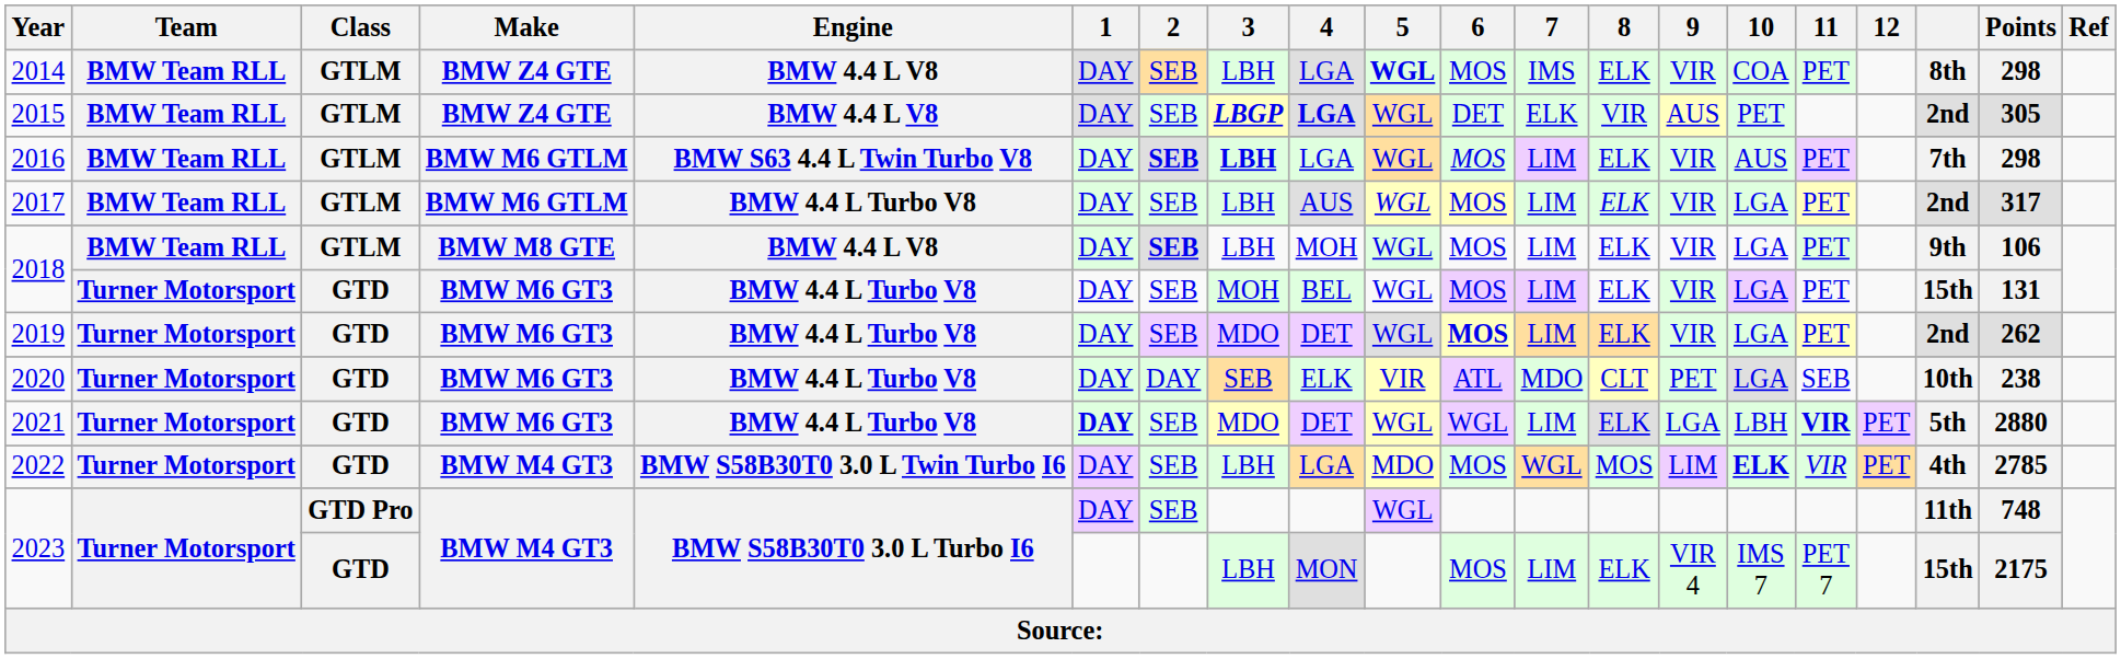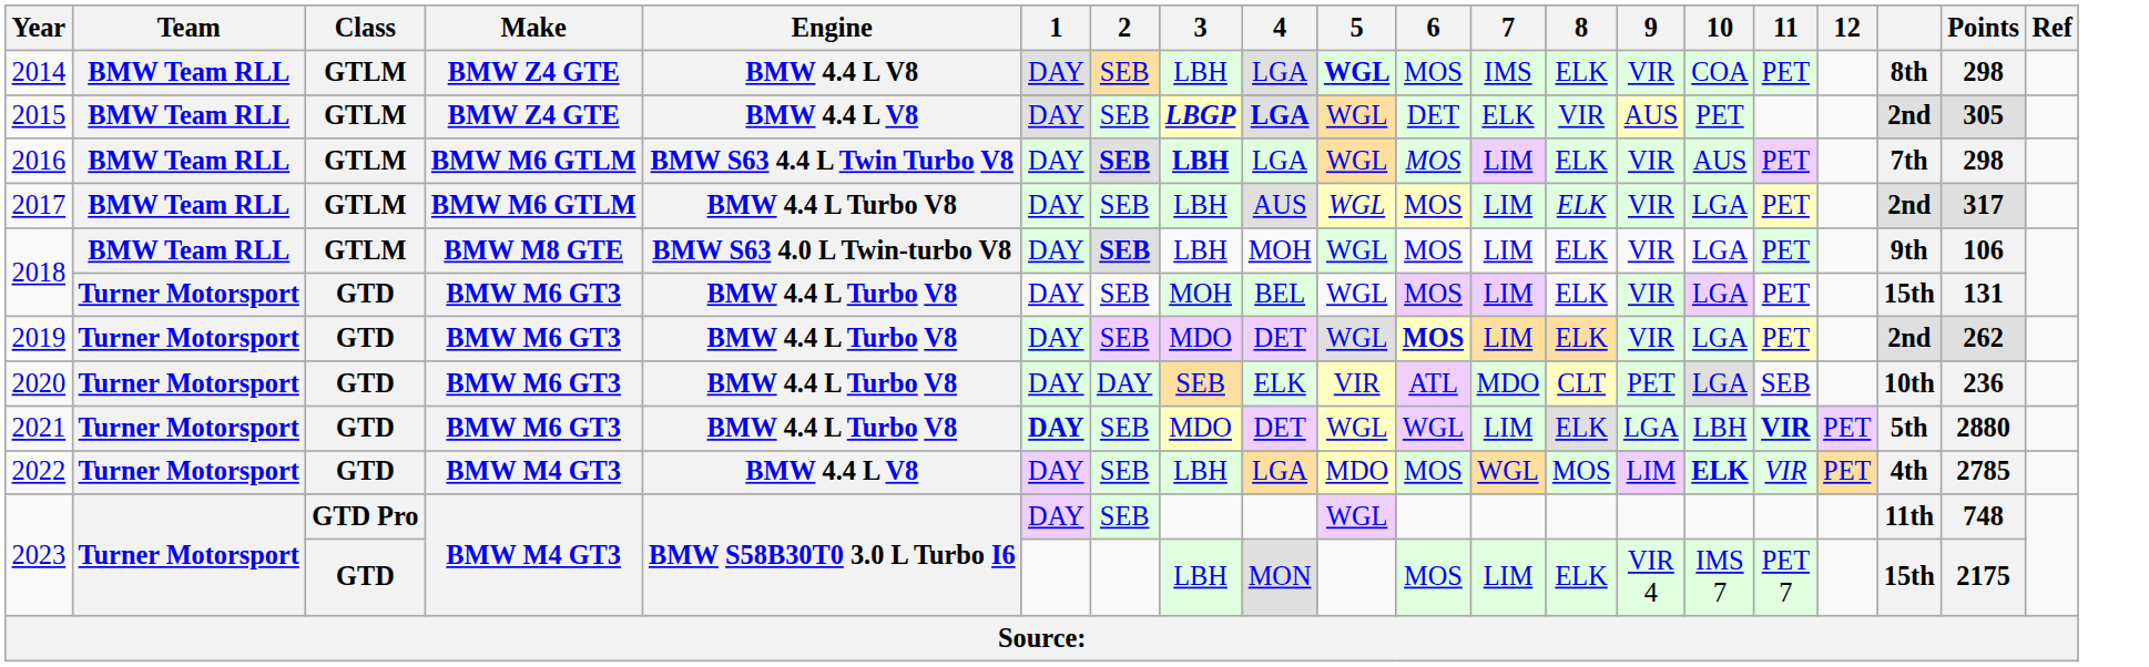 <table class="wikitable" style="text-align:center; font-size:90%">
 <tr>
 <th>Year</th>
 <th>Team</th>
 <th>Class</th>
 <th>Make</th>
 <th>Engine</th>
 <th>1</th>
 <th>2</th>
 <th>3</th>
 <th>4</th>
 <th>5</th>
 <th>6</th>
 <th>7</th>
 <th>8</th>
 <th>9</th>
 <th>10</th>
 <th>11</th>
 <th>12</th>
 <th></th>
 <th>Points</th>
 <th>Ref</th>
 </tr>
 <tr>
 <td><a href='#'>2014</a></td>
 <th><a href='#'>BMW Team RLL</a></th>
 <th>GTLM</th>
 <th><a href='#'>BMW Z4 GTE</a></th>
 <th><a href='#'>BMW</a> 4.4 L V8</th>
 <td style="background:#DFDFDF;"><a href='#'>DAY</a><br></td>
 <td style="background:#FFDF9F;"><a href='#'>SEB</a><br></td>
 <td style="background:#DFFFDF;"><a href='#'>LBH</a><br></td>
 <td style="background:#DFDFDF;"><a href='#'>LGA</a><br></td>
 <td style="background:#DFFFDF;"><strong><a href='#'>WGL</a></strong><br></td>
 <td style="background:#DFFFDF;"><a href='#'>MOS</a><br></td>
 <td style="background:#DFFFDF;"><a href='#'>IMS</a><br></td>
 <td style="background:#DFFFDF;"><a href='#'>ELK</a><br></td>
 <td style="background:#DFFFDF;"><a href='#'>VIR</a><br></td>
 <td style="background:#DFFFDF;"><a href='#'>COA</a><br></td>
 <td style="background:#DFFFDF;"><a href='#'>PET</a><br></td>
 <td></td>
 <th>8th</th>
 <th>298</th>
 <td></td>
 </tr>
 <tr>
 <td><a href='#'>2015</a></td>
 <th><a href='#'>BMW Team RLL</a></th>
 <th>GTLM</th>
 <th><a href='#'>BMW Z4 GTE</a></th>
 <th><a href='#'>BMW</a> 4.4 L <a href='#'>V8</a></th>
 <td style="background:#dfdfdf;"><a href='#'>DAY</a><br></td>
 <td style="background:#dfffdf;"><a href='#'>SEB</a><br></td>
 <td style="background:#ffffbf;"><strong><em><a href='#'>LBGP</a><br></em></strong></td>
 <td style="background:#dfdfdf;"><strong><a href='#'>LGA</a><br></strong></td>
 <td style="background:#ffdf9f;"><a href='#'>WGL</a><br></td>
 <td style="background:#DFFFDF;"><a href='#'>DET</a><br></td>
 <td style="background:#dfffdf;"><a href='#'>ELK</a><br></td>
 <td style="background:#dfffdf;"><a href='#'>VIR</a><br></td>
 <td style="background:#ffffbf;"><a href='#'>AUS</a><br></td>
 <td style="background:#dfffdf;"><a href='#'>PET</a><br></td>
 <td></td>
 <td></td>
 <th style="background:#DFDFDF;"><strong>2nd</strong></th>
 <th style="background:#DFDFDF;"><strong>305</strong></th>
 <td></td>
 </tr>
 <tr>
 <td><a href='#'>2016</a></td>
 <th><a href='#'>BMW Team RLL</a></th>
 <th>GTLM</th>
 <th><a href='#'>BMW M6 GTLM</a></th>
 <th><a href='#'>BMW S63</a> 4.4 L <a href='#'>Twin Turbo</a> <a href='#'>V8</a></th>
 <td style="background:#dfffdf;"><a href='#'>DAY</a><br></td>
 <td style="background:#dfdfdf;"><strong><a href='#'>SEB</a><br></strong></td>
 <td style="background:#dfffdf;"><strong><a href='#'>LBH</a><br></strong></td>
 <td style="background:#dfffdf;"><a href='#'>LGA</a><br></td>
 <td style="background:#ffdf9f;"><a href='#'>WGL</a><br></td>
 <td style="background:#dfffdf;"><em><a href='#'>MOS</a><br></em></td>
 <td style="background:#efcfff;"><a href='#'>LIM</a><br></td>
 <td style="background:#dfffdf;"><a href='#'>ELK</a><br></td>
 <td style="background:#dfffdf;"><a href='#'>VIR</a> <br></td>
 <td style="background:#dfffdf;"><a href='#'>AUS</a><br></td>
 <td style="background:#efcfff;"><a href='#'>PET</a><br></td>
 <td></td>
 <th style="background:#;">7th</th>
 <th style="background:#;">298</th>
 <td></td>
 </tr>
 <tr>
 <td><a href='#'>2017</a></td>
 <th><a href='#'>BMW Team RLL</a></th>
 <th>GTLM</th>
 <th><a href='#'>BMW M6 GTLM</a></th>
 <th><a href='#'>BMW</a> 4.4 L Turbo V8</th>
 <td style="background:#DFFFDF;"><a href='#'>DAY</a><br></td>
 <td style="background:#DFFFDF;"><a href='#'>SEB</a><br></td>
 <td style="background:#DFFFDF;"><a href='#'>LBH</a><br></td>
 <td style="background:#DFDFDF;"><a href='#'>AUS</a><br></td>
 <td style="background:#FFFFBF;"><em><a href='#'>WGL</a></em><br></td>
 <td style="background:#FFFFBF;"><a href='#'>MOS</a><br></td>
 <td style="background:#DFFFDF;"><a href='#'>LIM</a><br></td>
 <td style="background:#DFFFDF;"><em><a href='#'>ELK</a></em><br></td>
 <td style="background:#DFFFDF;"><a href='#'>VIR</a><br></td>
 <td style="background:#DFFFDF;"><a href='#'>LGA</a><br></td>
 <td style="background:#FFFFBF;"><a href='#'>PET</a><br></td>
 <td></td>
 <th style="background:#DFDFDF;">2nd</th>
 <th style="background:#DFDFDF;">317</th>
 <td></td>
 </tr>
 <tr>
 <td rowspan=2><a href='#'>2018</a></td>
 <th><a href='#'>BMW Team RLL</a></th>
 <th>GTLM</th>
 <th><a href='#'>BMW M8 GTE</a></th>
-<th><a href='#'>BMW</a> 4.4 L V8</th>
+<th><a href='#'>BMW S63</a> 4.0 L Twin-turbo V8</th>
 <td style="background:#DFFFDF;"><a href='#'>DAY</a><br></td>
 <td style="background:#DFDFDF;"><strong><a href='#'>SEB</a></strong><br></td>
 <td><a href='#'>LBH</a></td>
 <td><a href='#'>MOH</a></td>
 <td style="background:#DFFFDF;"><a href='#'>WGL</a><br></td>
 <td><a href='#'>MOS</a></td>
 <td><a href='#'>LIM</a></td>
 <td><a href='#'>ELK</a></td>
 <td><a href='#'>VIR</a></td>
 <td><a href='#'>LGA</a></td>
 <td style="background:#DFFFDF;"><a href='#'>PET</a><br></td>
 <td></td>
 <th>9th</th>
 <th>106</th>
 <td rowspan="2"></td>
 </tr>
 <tr>
 <th><a href='#'>Turner Motorsport</a></th>
 <th>GTD</th>
 <th><a href='#'>BMW M6 GT3</a></th>
 <th><a href='#'>BMW</a> 4.4 L <a href='#'>Turbo</a> <a href='#'>V8</a></th>
 <td><a href='#'>DAY</a></td>
 <td><a href='#'>SEB</a></td>
 <td style="background:#dfffdf;"><a href='#'>MOH</a><br></td>
 <td style="background:#dfffdf;"><a href='#'>BEL</a><br></td>
 <td><a href='#'>WGL</a></td>
 <td style="background:#efcfff;"><a href='#'>MOS</a><br></td>
 <td style="background:#efcfff;"><a href='#'>LIM</a><br></td>
 <td><a href='#'>ELK</a><br></td>
 <td style="background:#dfffdf;"><a href='#'>VIR</a><br></td>
 <td style="background:#efcfff;"><a href='#'>LGA</a><br></td>
 <td><a href='#'>PET</a><br></td>
 <td></td>
 <th>15th</th>
 <th>131</th>
 </tr>
 <tr>
 <td><a href='#'>2019</a></td>
 <th><a href='#'>Turner Motorsport</a></th>
 <th>GTD</th>
 <th><a href='#'>BMW M6 GT3</a></th>
 <th><a href='#'>BMW</a> 4.4 L <a href='#'>Turbo</a> <a href='#'>V8</a></th>
 <td style="background:#DFFFDF;"><a href='#'>DAY</a><br></td>
 <td style="background:#EFCFFF;"><a href='#'>SEB</a><br></td>
 <td style="background:#EFCFFF;"><a href='#'>MDO</a><br></td>
 <td style="background:#EFCFFF;"><a href='#'>DET</a><br></td>
 <td style="background:#DFDFDF;"><a href='#'>WGL</a><br></td>
 <td style="background:#FFFFBF;"><strong><a href='#'>MOS</a></strong><br></td>
 <td style="background:#FFDF9F;"><a href='#'>LIM</a><br></td>
 <td style="background:#FFDF9F;"><a href='#'>ELK</a><br></td>
 <td style="background:#DFFFDF;"><a href='#'>VIR</a><br></td>
 <td style="background:#DFFFDF;"><a href='#'>LGA</a><br></td>
 <td style="background:#FFFFBF;"><a href='#'>PET</a><br></td>
 <td></td>
 <th style="background:#DFDFDF;">2nd</th>
 <th style="background:#DFDFDF;">262</th>
 <td></td>
 </tr>
 <tr>
 <td><a href='#'>2020</a></td>
 <th><a href='#'>Turner Motorsport</a></th>
 <th>GTD</th>
 <th><a href='#'>BMW M6 GT3</a></th>
 <th><a href='#'>BMW</a> 4.4 L <a href='#'>Turbo</a> <a href='#'>V8</a></th>
 <td style="background:#DFFFDF;"><a href='#'>DAY</a><br></td>
 <td style="background:#DFFFDF;"><a href='#'>DAY</a><br></td>
 <td style="background:#FFDF9F;"><a href='#'>SEB</a><br></td>
 <td style="background:#DFFFDF;"><a href='#'>ELK</a><br></td>
 <td style="background:#FFFFBF;"><a href='#'>VIR</a><br></td>
 <td style="background:#EFCFFF;"><a href='#'>ATL</a><br></td>
 <td style="background:#DFFFDF;"><a href='#'>MDO</a><br></td>
 <td style="background:#FFFFBF;"><a href='#'>CLT</a><br></td>
 <td style="background:#DFFFDF;"><a href='#'>PET</a><br></td>
 <td style="background:#DFDFDF;"><a href='#'>LGA</a><br></td>
 <td><a href='#'>SEB</a><br></td>
 <td></td>
 <th>10th</th>
-<th>238</th>
+<th>236</th>
 <td></td>
 </tr>
 <tr>
 <td><a href='#'>2021</a></td>
 <th><a href='#'>Turner Motorsport</a></th>
 <th>GTD</th>
 <th><a href='#'>BMW M6 GT3</a></th>
 <th><a href='#'>BMW</a> 4.4 L <a href='#'>Turbo</a> <a href='#'>V8</a></th>
 <td style="background:#DFFFDF;"><strong><a href='#'>DAY</a></strong><br></td>
 <td style="background:#DFFFDF;"><a href='#'>SEB</a><br></td>
 <td style="background:#FFFFBF;"><a href='#'>MDO</a><br></td>
 <td style="background:#EFCFFF;"><a href='#'>DET</a><br></td>
 <td style="background:#FFFFBF;"><a href='#'>WGL</a><br></td>
 <td style="background:#EFCFFF;"><a href='#'>WGL</a><br></td>
 <td style="background:#DFFFDF;"><a href='#'>LIM</a><br></td>
 <td style="background:#DFDFDF;"><a href='#'>ELK</a><br></td>
 <td style="background:#DFFFDF;"><a href='#'>LGA</a><br></td>
 <td style="background:#DFFFDF;"><a href='#'>LBH</a><br></td>
 <td style="background:#DFFFDF;"><strong><a href='#'>VIR</a></strong><br></td>
 <td style="background:#EFCFFF;"><a href='#'>PET</a><br></td>
 <th>5th</th>
 <th>2880</th>
 <td></td>
 </tr>
 <tr>
 <td><a href='#'>2022</a></td>
 <th><a href='#'>Turner Motorsport</a></th>
 <th>GTD</th>
 <th><a href='#'>BMW M4 GT3</a></th>
-<th><a href='#'>BMW</a> <a href='#'>S58B30T0</a> 3.0 L <a href='#'>Twin Turbo</a> <a href='#'>I6</a></th>
+<th><a href='#'>BMW</a> 4.4 L <a href='#'>V8</a></th>
 <td style="background:#EFCFFF;"><a href='#'>DAY</a><br></td>
 <td style="background:#DFFFDF;"><a href='#'>SEB</a><br></td>
 <td style="background:#DFFFDF;"><a href='#'>LBH</a><br></td>
 <td style="background:#FFDF9F;"><a href='#'>LGA</a><br></td>
 <td style="background:#FFFFBF;"><a href='#'>MDO</a><br></td>
 <td style="background:#dfffdf;"><a href='#'>MOS</a><br></td>
 <td style="background:#FFDF9F;"><a href='#'>WGL</a><br></td>
 <td style="background:#DFFFDF;"><a href='#'>MOS</a><br></td>
 <td style="background:#efcfff;"><a href='#'>LIM</a><br></td>
 <td style="background:#dfffdf;"><strong><a href='#'>ELK</a><br></strong></td>
 <td style="background:#dfffdf;"><em><a href='#'>VIR</a><br></em></td>
 <td style="background:#ffdf9f;"><a href='#'>PET</a><br></td>
 <th>4th</th>
 <th>2785</th>
 <td></td>
 </tr>
 <tr>
 <td rowspan=2><a href='#'>2023</a></td>
 <th rowspan=2><a href='#'>Turner Motorsport</a></th>
 <th>GTD Pro</th>
 <th rowspan=2><a href='#'>BMW M4 GT3</a></th>
 <th rowspan=2><a href='#'>BMW</a> <a href='#'>S58B30T0</a> 3.0 L Turbo <a href='#'>I6</a></th>
 <td style="background:#EFCFFF;"><a href='#'>DAY</a><br></td>
 <td style="background:#DFFFDF;"><a href='#'>SEB</a><br></td>
 <td style="background:#;"></td>
 <td style="background:#;"></td>
 <td style="background:#EFCFFF;"><a href='#'>WGL</a><br></td>
 <td style="background:#;"></td>
 <td style="background:#;"></td>
 <td style="background:#;"></td>
 <td style="background:#;"></td>
 <td style="background:#;"></td>
 <td style="background:#;"></td>
 <td></td>
 <th>11th</th>
 <th>748</th>
 <td rowspan="2"></td>
 </tr>
 <tr>
 <th>GTD</th>
 <td></td>
 <td></td>
 <td style="background:#DFFFDF;"><a href='#'>LBH</a><br></td>
 <td style="background:#DFDFDF;”"><a href='#'>MON</a><br></td>
 <td style="background:#;”"><br></td>
 <td style="background:#DFFFDF;"><a href='#'>MOS</a><br></td>
 <td style="background:#DFFFDF;"><a href='#'>LIM</a><br></td>
 <td style="background:#DFFFDF;"><a href='#'>ELK</a><br></td>
 <td style="background:#DFFFDF;"><a href='#'>VIR</a><br>4</td>
 <td style="background:#DFFFDF;"><a href='#'>IMS</a><br>7</td>
 <td style="background:#DFFFDF;"><a href='#'>PET</a><br>7</td>
 <td></td>
 <th>15th</th>
 <th>2175</th>
 </tr>
 <tr>
 <th colspan="20">Source:</th>
 </tr>
 </table>
